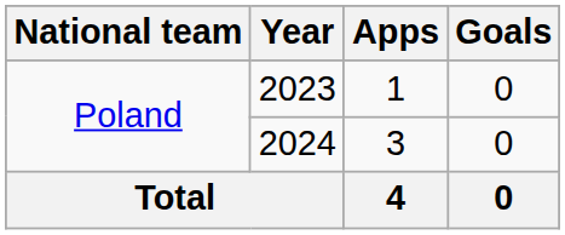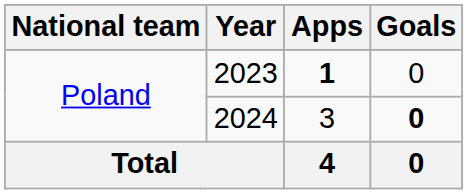 <table class="wikitable" style="text-align:center">
 <tr>
 <th>National team</th>
 <th>Year</th>
 <th>Apps</th>
 <th>Goals</th>
 </tr>
 <tr>
 <td rowspan="2"><a href='#'>Poland</a></td>
 <td>2023</td>
-<td>1</td>
+<td><strong>1</strong></td>
 <td>0</td>
 </tr>
 <tr>
 <td>2024</td>
 <td>3</td>
-<td>0</td>
+<td><strong>0</strong></td>
 </tr>
 <tr>
 <th colspan="2">Total</th>
 <th>4</th>
 <th>0</th>
 </tr>
 </table>
